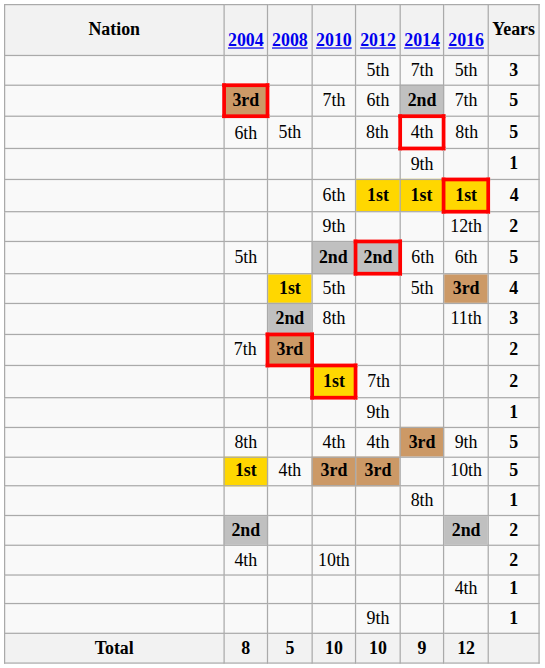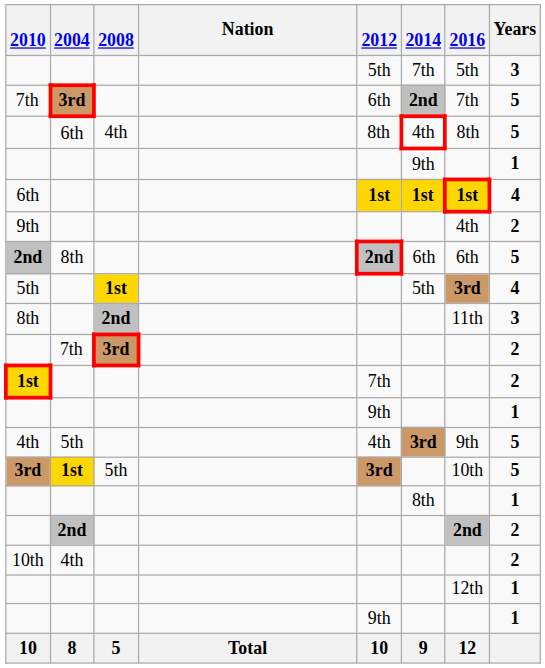 <table class="wikitable" style="text-align:center; font-size:90%">
 <tr>
-<th width=170>Nation</th>
+<th><br><a href='#'>2010</a></th>
 <th><br><a href='#'>2004</a></th>
 <th><br><a href='#'>2008</a></th>
-<th><br><a href='#'>2010</a></th>
+<th width=170>Nation</th>
 <th><br><a href='#'>2012</a></th>
 <th><br><a href='#'>2014</a></th>
 <th><br><a href='#'>2016</a></th>
 <th>Years</th>
 </tr>
 <tr>
-<td align=left></td>
 <td></td>
 <td></td>
 <td></td>
+<td align=left></td>
 <td>5th</td>
 <td>7th</td>
 <td>5th</td>
 <td><strong>3</strong></td>
 </tr>
 <tr>
-<td align=left></td>
+<td>7th</td>
 <td style="border: 3px solid red" bgcolor=#cc9966><strong>3rd</strong></td>
 <td></td>
-<td>7th</td>
+<td align=left></td>
 <td>6th</td>
 <td bgcolor=silver><strong>2nd</strong></td>
 <td>7th</td>
 <td><strong>5</strong></td>
 </tr>
 <tr>
+<td></td>
+<td>6th</td>
+<td>4th</td>
 <td align=left></td>
-<td>6th</td>
-<td>5th</td>
-<td></td>
 <td>8th</td>
 <td style="border: 3px solid red">4th</td>
 <td>8th</td>
 <td><strong>5</strong></td>
 </tr>
 <tr>
-<td align=left></td>
 <td></td>
 <td></td>
 <td></td>
+<td align=left></td>
 <td></td>
 <td>9th</td>
 <td></td>
 <td><strong>1</strong></td>
 </tr>
 <tr>
-<td align=left></td>
+<td>6th</td>
 <td></td>
 <td></td>
-<td>6th</td>
+<td align=left></td>
 <td bgcolor=gold><strong>1st</strong></td>
 <td bgcolor=gold><strong>1st</strong></td>
 <td style="border: 3px solid red" bgcolor=gold><strong>1st</strong></td>
 <td><strong>4</strong></td>
 </tr>
 <tr>
+<td>9th</td>
+<td></td>
+<td></td>
 <td align=left></td>
 <td></td>
 <td></td>
-<td>9th</td>
-<td></td>
-<td></td>
-<td>12th</td>
+<td>4th</td>
 <td><strong>2</strong></td>
 </tr>
 <tr>
+<td bgcolor=silver><strong>2nd</strong></td>
+<td>8th</td>
+<td></td>
 <td align=left></td>
-<td>5th</td>
-<td></td>
-<td bgcolor=silver><strong>2nd</strong></td>
 <td style="border: 3px solid red" bgcolor=silver><strong>2nd</strong></td>
 <td>6th</td>
 <td>6th</td>
 <td><strong>5</strong></td>
 </tr>
 <tr>
-<td align=left></td>
+<td>5th</td>
 <td></td>
 <td bgcolor=gold><strong>1st</strong></td>
-<td>5th</td>
+<td align=left></td>
 <td></td>
 <td>5th</td>
 <td bgcolor=#cc9966><strong>3rd</strong></td>
 <td><strong>4</strong></td>
 </tr>
 <tr>
-<td align=left></td>
+<td>8th</td>
 <td></td>
 <td bgcolor=silver><strong>2nd</strong></td>
-<td>8th</td>
+<td align=left></td>
 <td></td>
 <td></td>
 <td>11th</td>
 <td><strong>3</strong></td>
 </tr>
 <tr>
-<td align=left></td>
+<td></td>
 <td>7th</td>
 <td style="border: 3px solid red" bgcolor=#cc9966><strong>3rd</strong></td>
-<td></td>
+<td align=left></td>
 <td></td>
 <td></td>
 <td></td>
 <td><strong>2</strong></td>
 </tr>
 <tr>
-<td align=left></td>
+<td style="border: 3px solid red" bgcolor=gold><strong>1st</strong></td>
 <td></td>
 <td></td>
-<td style="border: 3px solid red" bgcolor=gold><strong>1st</strong></td>
+<td align=left></td>
 <td>7th</td>
 <td></td>
 <td></td>
 <td><strong>2</strong></td>
 </tr>
 <tr>
-<td align=left></td>
 <td></td>
 <td></td>
 <td></td>
+<td align=left></td>
 <td>9th</td>
 <td></td>
 <td></td>
 <td><strong>1</strong></td>
 </tr>
 <tr>
+<td>4th</td>
+<td>5th</td>
+<td></td>
 <td align=left></td>
-<td>8th</td>
-<td></td>
-<td>4th</td>
 <td>4th</td>
 <td bgcolor=#cc9966><strong>3rd</strong></td>
 <td>9th</td>
 <td><strong>5</strong></td>
 </tr>
 <tr>
+<td bgcolor=#cc9966><strong>3rd</strong></td>
+<td bgcolor=gold><strong>1st</strong></td>
+<td>5th</td>
 <td align=left></td>
-<td bgcolor=gold><strong>1st</strong></td>
-<td>4th</td>
-<td bgcolor=#cc9966><strong>3rd</strong></td>
 <td bgcolor=#cc9966><strong>3rd</strong></td>
 <td></td>
 <td>10th</td>
 <td><strong>5</strong></td>
 </tr>
 <tr>
-<td align=left></td>
 <td></td>
 <td></td>
 <td></td>
+<td align=left></td>
 <td></td>
 <td>8th</td>
 <td></td>
 <td><strong>1</strong></td>
 </tr>
 <tr>
-<td align=left></td>
+<td></td>
 <td bgcolor=silver><strong>2nd</strong></td>
 <td></td>
-<td></td>
+<td align=left></td>
 <td></td>
 <td></td>
 <td bgcolor=silver><strong>2nd</strong></td>
 <td><strong>2</strong></td>
 </tr>
 <tr>
-<td align=left></td>
+<td>10th</td>
 <td>4th</td>
 <td></td>
-<td>10th</td>
+<td align=left></td>
 <td></td>
 <td></td>
 <td></td>
 <td><strong>2</strong></td>
 </tr>
 <tr>
+<td></td>
+<td></td>
+<td></td>
 <td align=left></td>
 <td></td>
 <td></td>
+<td>12th</td>
+<td><strong>1</strong></td>
+</tr>
+<tr>
 <td></td>
 <td></td>
 <td></td>
-<td>4th</td>
-<td><strong>1</strong></td>
-</tr>
-<tr>
 <td align=left></td>
-<td></td>
-<td></td>
-<td></td>
 <td>9th</td>
 <td></td>
 <td></td>
 <td><strong>1</strong></td>
 </tr>
 <tr>
-<th>Total</th>
+<th>10</th>
 <th>8</th>
 <th>5</th>
-<th>10</th>
+<th>Total</th>
 <th>10</th>
 <th>9</th>
 <th>12</th>
 <th></th>
 </tr>
 </table>
